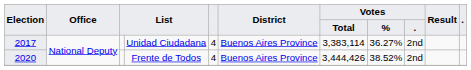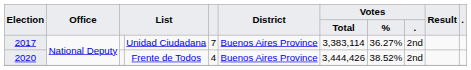 <table class="wikitable" style="font-size:90%; text-align:center;">
 <tr>
 <th style="background-color:#EAECF0;" rowspan=2>Election</th>
 <th style="background-color:#EAECF0;" rowspan=2>Office</th>
 <th style="background-color:#EAECF0;" colspan=2 rowspan=2>List</th>
 <th style="background-color:#EAECF0;" rowspan=2></th>
 <th style="background-color:#EAECF0;" rowspan=2>District</th>
 <th style="background-color:#EAECF0;" colspan=3>Votes</th>
 <th style="background-color:#EAECF0;" rowspan=2>Result</th>
 <th style="background-color:#EAECF0;" rowspan=2>.</th>
 </tr>
 <tr>
 <th style="background-color:#EAECF0;">Total</th>
 <th style="background-color:#EAECF0;">%</th>
 <th style="background-color:#EAECF0;">.</th>
 </tr>
 <tr>
 <td style="background-color:#EAECF0;"><a href='#'>2017</a></td>
 <td rowspan="2"><a href='#'>National Deputy</a></td>
 <td style="background-color:"></td>
 <td><a href='#'>Unidad Ciudadana</a></td>
-<td>4</td>
+<td>7</td>
 <td><a href='#'>Buenos Aires Province</a></td>
 <td>3,383,114</td>
 <td>36.27%</td>
 <td>2nd</td>
 <td></td>
 <td></td>
 </tr>
 <tr>
 <td style="background-color:#EAECF0;"><a href='#'>2020</a></td>
 <td style="background-color:"></td>
 <td><a href='#'>Frente de Todos</a></td>
 <td>4</td>
 <td><a href='#'>Buenos Aires Province</a></td>
 <td>3,444,426</td>
 <td>38.52%</td>
 <td>2nd</td>
 <td></td>
 <td></td>
 </tr>
 <tr>
 </tr>
 </table>
